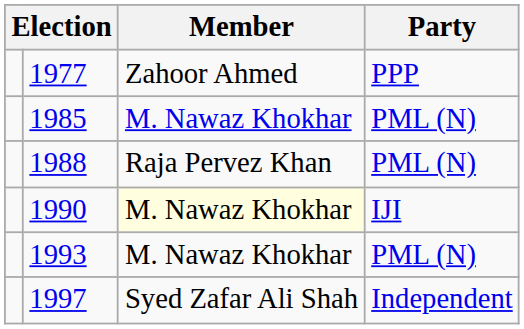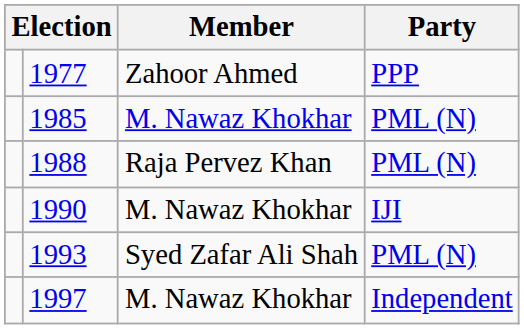 <table class="wikitable">
 <tr>
 <th colspan="2">Election</th>
 <th>Member</th>
 <th>Party</th>
 </tr>
 <tr>
 <td style="background-color: "></td>
 <td><a href='#'>1977</a></td>
 <td>Zahoor Ahmed</td>
 <td><a href='#'>PPP</a></td>
 </tr>
 <tr>
 <td style="background-color: "></td>
 <td><a href='#'>1985</a></td>
 <td><a href='#'>M. Nawaz Khokhar</a></td>
 <td><a href='#'>PML (N)</a></td>
 </tr>
 <tr>
 <td style="background-color: "></td>
 <td><a href='#'>1988</a></td>
 <td>Raja Pervez Khan</td>
 <td><a href='#'>PML (N)</a></td>
 </tr>
 <tr>
 <td style="background-color: "></td>
 <td><a href='#'>1990</a></td>
-<td style="background: lightyellow;">M. Nawaz Khokhar</td>
+<td>M. Nawaz Khokhar</td>
 <td><a href='#'>IJI</a></td>
 </tr>
 <tr>
 <td style="background-color: "></td>
 <td><a href='#'>1993</a></td>
-<td>M. Nawaz Khokhar</td>
+<td>Syed Zafar Ali Shah</td>
 <td><a href='#'>PML (N)</a></td>
 </tr>
 <tr>
 <td style="background-color: "></td>
 <td><a href='#'>1997</a></td>
-<td>Syed Zafar Ali Shah</td>
+<td>M. Nawaz Khokhar</td>
 <td><a href='#'>Independent</a></td>
 </tr>
 </table>
